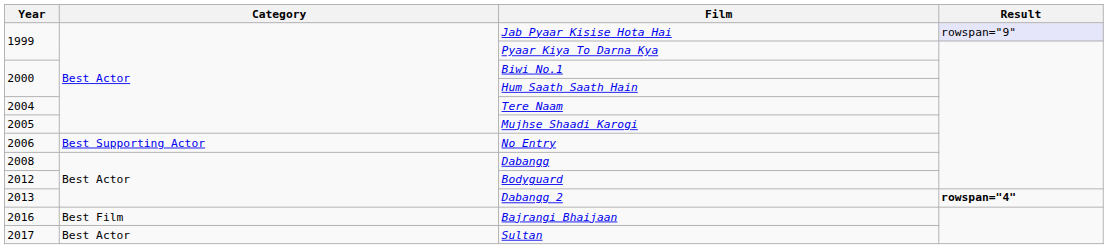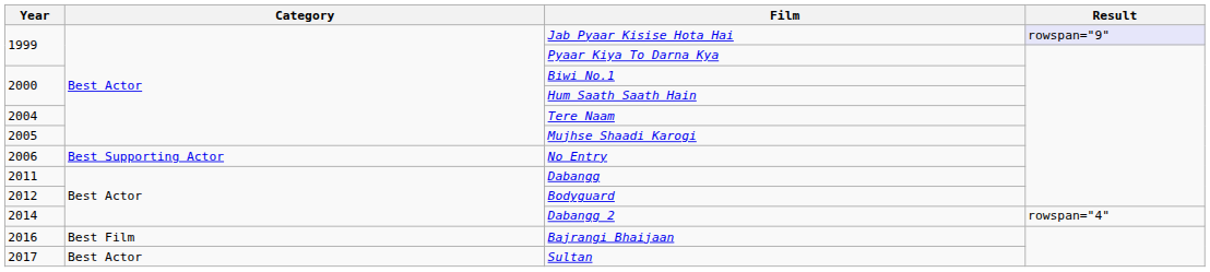 <table class="wikitable" style="width:100%;">
 <tr>
 <th width=5%>Year</th>
 <th style="width:40%;">Category</th>
 <th style="width:40%;">Film</th>
 <th style="width:15%;">Result</th>
 </tr>
 <tr>
 <td rowspan="2">1999</td>
 <td rowspan="6"><a href='#'>Best Actor</a></td>
 <td><em><a href='#'>Jab Pyaar Kisise Hota Hai</a></em></td>
 <td style="background: lavender;">rowspan="9" </td>
 </tr>
 <tr>
 <td><em><a href='#'>Pyaar Kiya To Darna Kya</a></em></td>
 </tr>
 <tr>
 <td rowspan="2">2000</td>
 <td><em><a href='#'>Biwi No.1</a></em></td>
 </tr>
 <tr>
 <td><em><a href='#'>Hum Saath Saath Hain</a></em></td>
 </tr>
 <tr>
 <td>2004</td>
 <td><em><a href='#'>Tere Naam</a></em></td>
 </tr>
 <tr>
 <td>2005</td>
 <td><em><a href='#'>Mujhse Shaadi Karogi</a></em></td>
 </tr>
 <tr>
 <td>2006</td>
 <td><a href='#'>Best Supporting Actor</a></td>
 <td><em><a href='#'>No Entry</a></em></td>
 </tr>
 <tr>
-<td>2008</td>
+<td>2011</td>
 <td rowspan="4">Best Actor</td>
 <td><em><a href='#'>Dabangg</a></em></td>
 </tr>
 <tr>
 <td>2012</td>
 <td><em><a href='#'>Bodyguard</a></em></td>
 </tr>
 <tr>
-<td>2013</td>
+<td>2014</td>
 <td><em><a href='#'>Dabangg 2</a></em></td>
-<td><strong>rowspan="4" </strong></td>
+<td>rowspan="4" </td>
 </tr>
 <tr>
 <td rowspan="2">2016</td>
 <td rowspan="2"><em><a href='#'>Bajrangi Bhaijaan</a></em></td>
 </tr>
 <tr>
 <td>Best Film</td>
 </tr>
 <tr>
 <td>2017</td>
 <td>Best Actor</td>
 <td><em><a href='#'>Sultan</a></em></td>
 </tr>
 </table>
